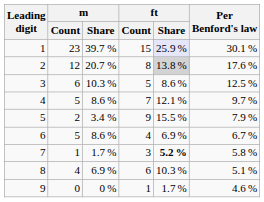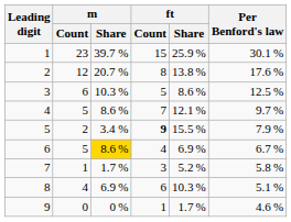 <table class="wikitable" style="text-align:right">
 <tr>
 <th rowspan="2">Leading<br> digit</th>
 <th colspan=2>m</th>
 <th colspan=2>ft</th>
 <th rowspan="2">Per<br> Benford's law</th>
 </tr>
 <tr>
 <th>Count</th>
 <th>Share</th>
 <th>Count</th>
 <th>Share</th>
 </tr>
 <tr>
 <td>1</td>
 <td>23</td>
 <td>39.7 %</td>
 <td>15</td>
-<td style="background: lavender;">25.9 %</td>
+<td>25.9 %</td>
 <td>30.1 %</td>
 </tr>
 <tr>
 <td>2</td>
 <td>12</td>
 <td>20.7 %</td>
 <td>8</td>
-<td style="background: lightgrey;">13.8 %</td>
+<td>13.8 %</td>
 <td>17.6 %</td>
 </tr>
 <tr>
 <td>3</td>
 <td>6</td>
 <td>10.3 %</td>
 <td>5</td>
 <td>8.6 %</td>
 <td>12.5 %</td>
 </tr>
 <tr>
 <td>4</td>
 <td>5</td>
 <td>8.6 %</td>
 <td>7</td>
 <td>12.1 %</td>
 <td>9.7 %</td>
 </tr>
 <tr>
 <td>5</td>
 <td>2</td>
 <td>3.4 %</td>
-<td>9</td>
+<td><strong>9</strong></td>
 <td>15.5 %</td>
 <td>7.9 %</td>
 </tr>
 <tr>
 <td>6</td>
 <td>5</td>
-<td>8.6 %</td>
+<td style="background: gold;">8.6 %</td>
 <td>4</td>
 <td>6.9 %</td>
 <td>6.7 %</td>
 </tr>
 <tr>
 <td>7</td>
 <td>1</td>
 <td>1.7 %</td>
 <td>3</td>
-<td><strong>5.2 %</strong></td>
+<td>5.2 %</td>
 <td>5.8 %</td>
 </tr>
 <tr>
 <td>8</td>
 <td>4</td>
 <td>6.9 %</td>
 <td>6</td>
 <td>10.3 %</td>
 <td>5.1 %</td>
 </tr>
 <tr>
 <td>9</td>
 <td>0</td>
 <td>0 %</td>
 <td>1</td>
 <td>1.7 %</td>
 <td>4.6 %</td>
 </tr>
 </table>
